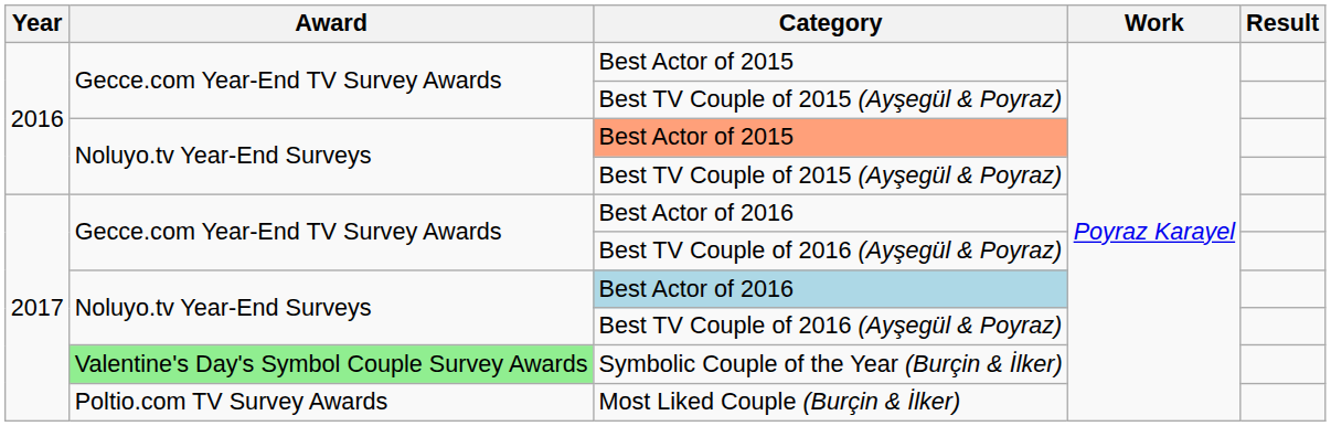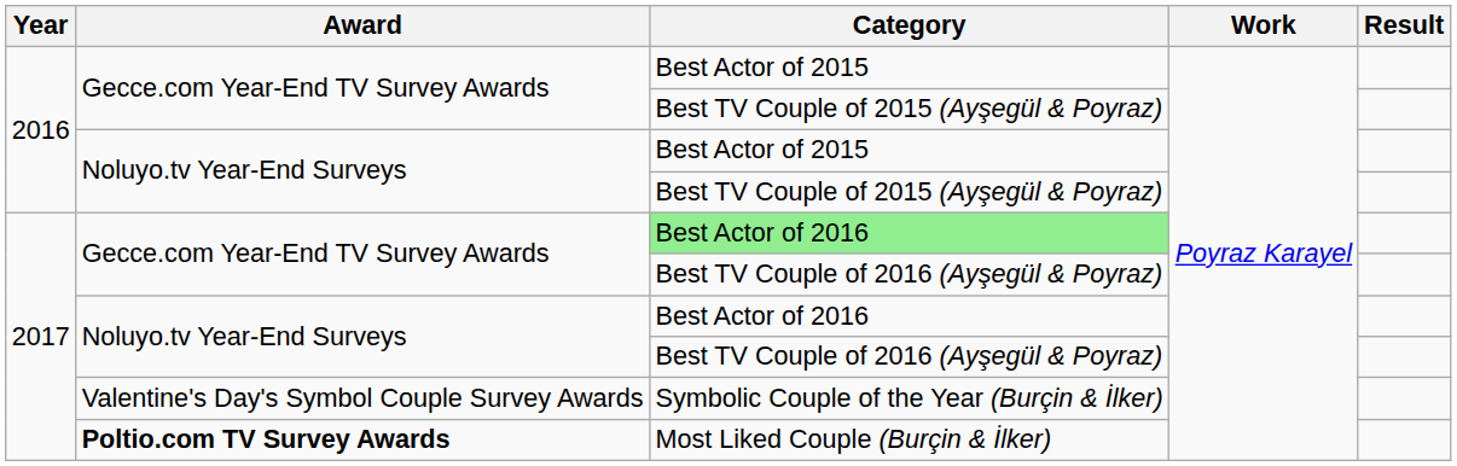 <table class="wikitable">
 <tr style="text-align:center; ;">
 <th>Year</th>
 <th>Award</th>
 <th>Category</th>
 <th>Work</th>
 <th>Result</th>
 </tr>
 <tr>
 <td rowspan=4>2016</td>
 <td rowspan=2>Gecce.com Year-End TV Survey Awards</td>
 <td>Best Actor of 2015</td>
 <td rowspan=10><em><a href='#'>Poyraz Karayel</a></em></td>
 <td></td>
 </tr>
 <tr>
 <td>Best TV Couple of 2015 <em>(Ayşegül & Poyraz)</em></td>
 <td></td>
 </tr>
 <tr>
 <td rowspan=2>Noluyo.tv Year-End Surveys</td>
-<td style="background: lightsalmon;">Best Actor of 2015</td>
+<td>Best Actor of 2015</td>
 <td></td>
 </tr>
 <tr>
 <td>Best TV Couple of 2015  <em>(Ayşegül & Poyraz)</em></td>
 <td></td>
 </tr>
 <tr>
 <td rowspan=6>2017</td>
 <td rowspan=2>Gecce.com Year-End TV Survey Awards</td>
-<td>Best Actor of 2016</td>
+<td style="background: lightgreen;">Best Actor of 2016</td>
 <td></td>
 </tr>
 <tr>
 <td>Best TV Couple of 2016 <em>(Ayşegül & Poyraz)</em></td>
 <td></td>
 </tr>
 <tr>
 <td rowspan=2>Noluyo.tv Year-End Surveys</td>
-<td style="background: lightblue;">Best Actor of 2016</td>
+<td>Best Actor of 2016</td>
 <td></td>
 </tr>
 <tr>
 <td>Best TV Couple of 2016  <em>(Ayşegül & Poyraz)</em></td>
 <td></td>
 </tr>
 <tr>
-<td style="background: lightgreen;">Valentine's Day's Symbol Couple Survey Awards</td>
+<td>Valentine's Day's Symbol Couple Survey Awards</td>
 <td>Symbolic Couple of the Year <em>(Burçin & İlker)</em></td>
 <td></td>
 </tr>
 <tr>
-<td>Poltio.com TV Survey Awards</td>
+<td><strong>Poltio.com TV Survey Awards</strong></td>
 <td>Most Liked Couple <em>(Burçin & İlker)</em></td>
 <td></td>
 </tr>
 </table>
